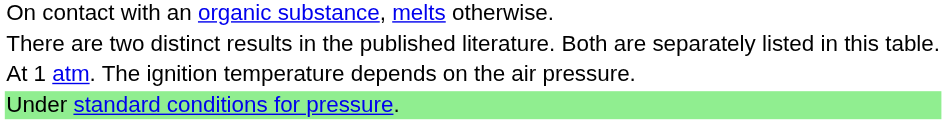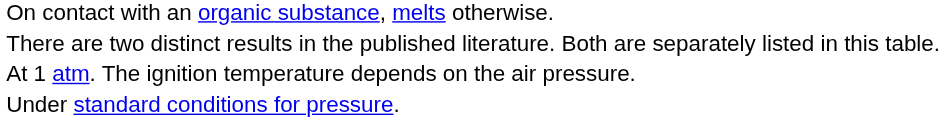 <table>
 <tr>
 <td> On contact with an <a href='#'>organic substance</a>, <a href='#'>melts</a> otherwise.</td>
 </tr>
 <tr>
 <td> There are two distinct results in the published literature. Both are separately listed in this table.</td>
 </tr>
 <tr>
 <td> At 1 <a href='#'>atm</a>. The ignition temperature depends on the air pressure.</td>
 </tr>
 <tr>
-<td style="background: lightgreen;">Under <a href='#'>standard conditions for pressure</a>.</td>
+<td>Under <a href='#'>standard conditions for pressure</a>.</td>
 </tr>
 </table>
